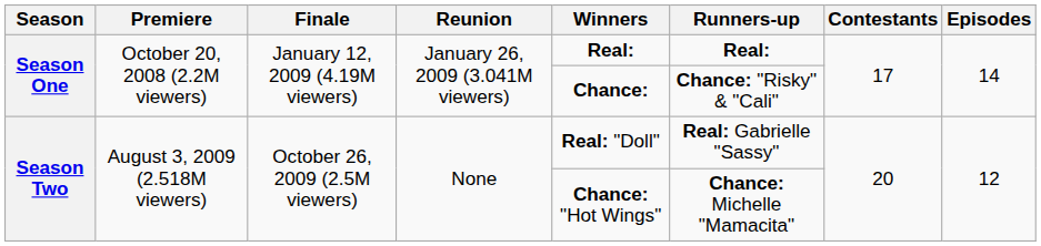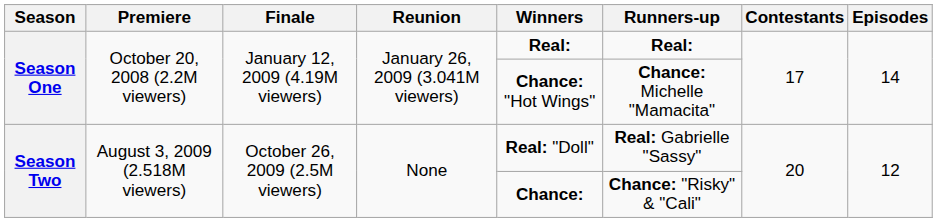 <table class="wikitable" style="text-align:center">
 <tr>
 <th>Season</th>
 <th>Premiere</th>
 <th>Finale</th>
 <th>Reunion</th>
 <th>Winners</th>
 <th>Runners-up</th>
 <th>Contestants</th>
 <th>Episodes</th>
 </tr>
 <tr>
 <th rowspan=2><a href='#'>Season One</a></th>
 <td rowspan=2>October 20, 2008 (2.2M viewers)</td>
 <td rowspan=2>January 12, 2009 (4.19M viewers)</td>
 <td rowspan=2>January 26, 2009 (3.041M viewers)</td>
 <td><strong>Real:</strong>  </td>
 <td><strong>Real:</strong>  </td>
 <td rowspan=2>17</td>
 <td rowspan=2>14</td>
 </tr>
 <tr>
-<td><strong>Chance:</strong> </td>
-<td><strong>Chance:</strong>  "Risky" &  "Cali"</td>
+<td><strong>Chance:</strong>  "Hot Wings"</td>
+<td><strong>Chance:</strong> Michelle "Mamacita"</td>
 </tr>
 <tr>
 <th rowspan=2><a href='#'>Season Two</a></th>
 <td rowspan=2>August 3, 2009 (2.518M viewers)</td>
 <td rowspan=2>October 26, 2009 (2.5M viewers)</td>
 <td rowspan=2>None</td>
 <td><strong>Real:</strong>  "Doll"</td>
 <td><strong>Real:</strong> Gabrielle "Sassy"</td>
 <td rowspan=2>20</td>
 <td rowspan=2>12</td>
 </tr>
 <tr>
-<td><strong>Chance:</strong>  "Hot Wings"</td>
-<td><strong>Chance:</strong> Michelle "Mamacita"</td>
+<td><strong>Chance:</strong> </td>
+<td><strong>Chance:</strong>  "Risky" &  "Cali"</td>
 </tr>
 </table>
